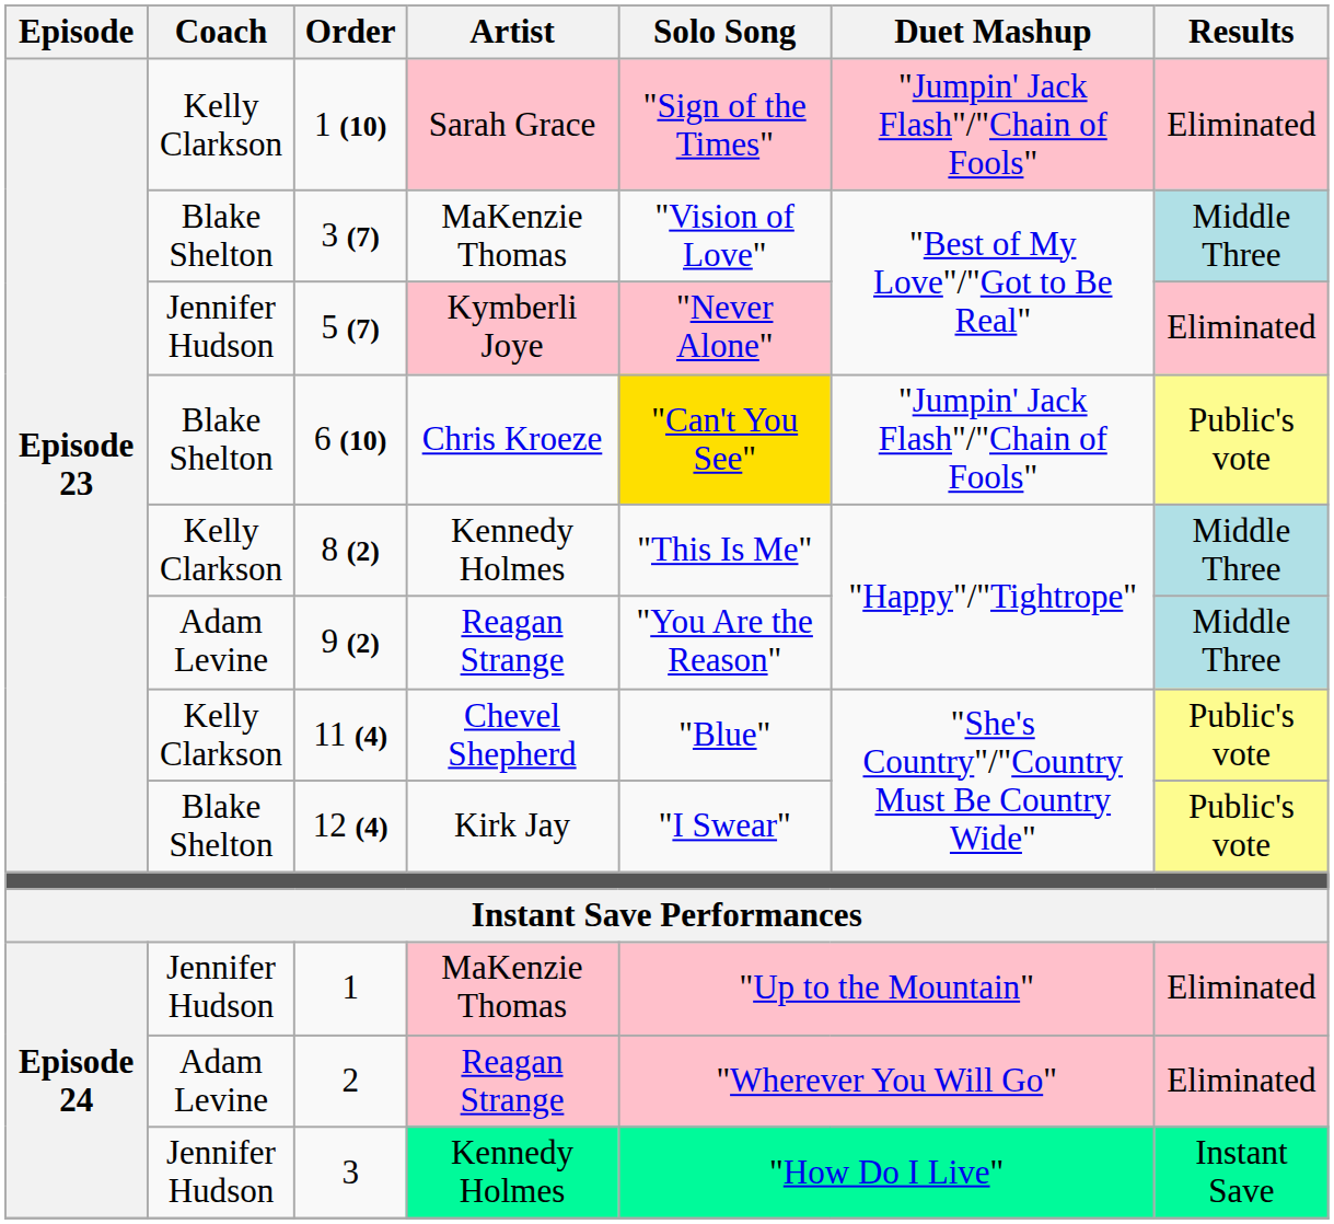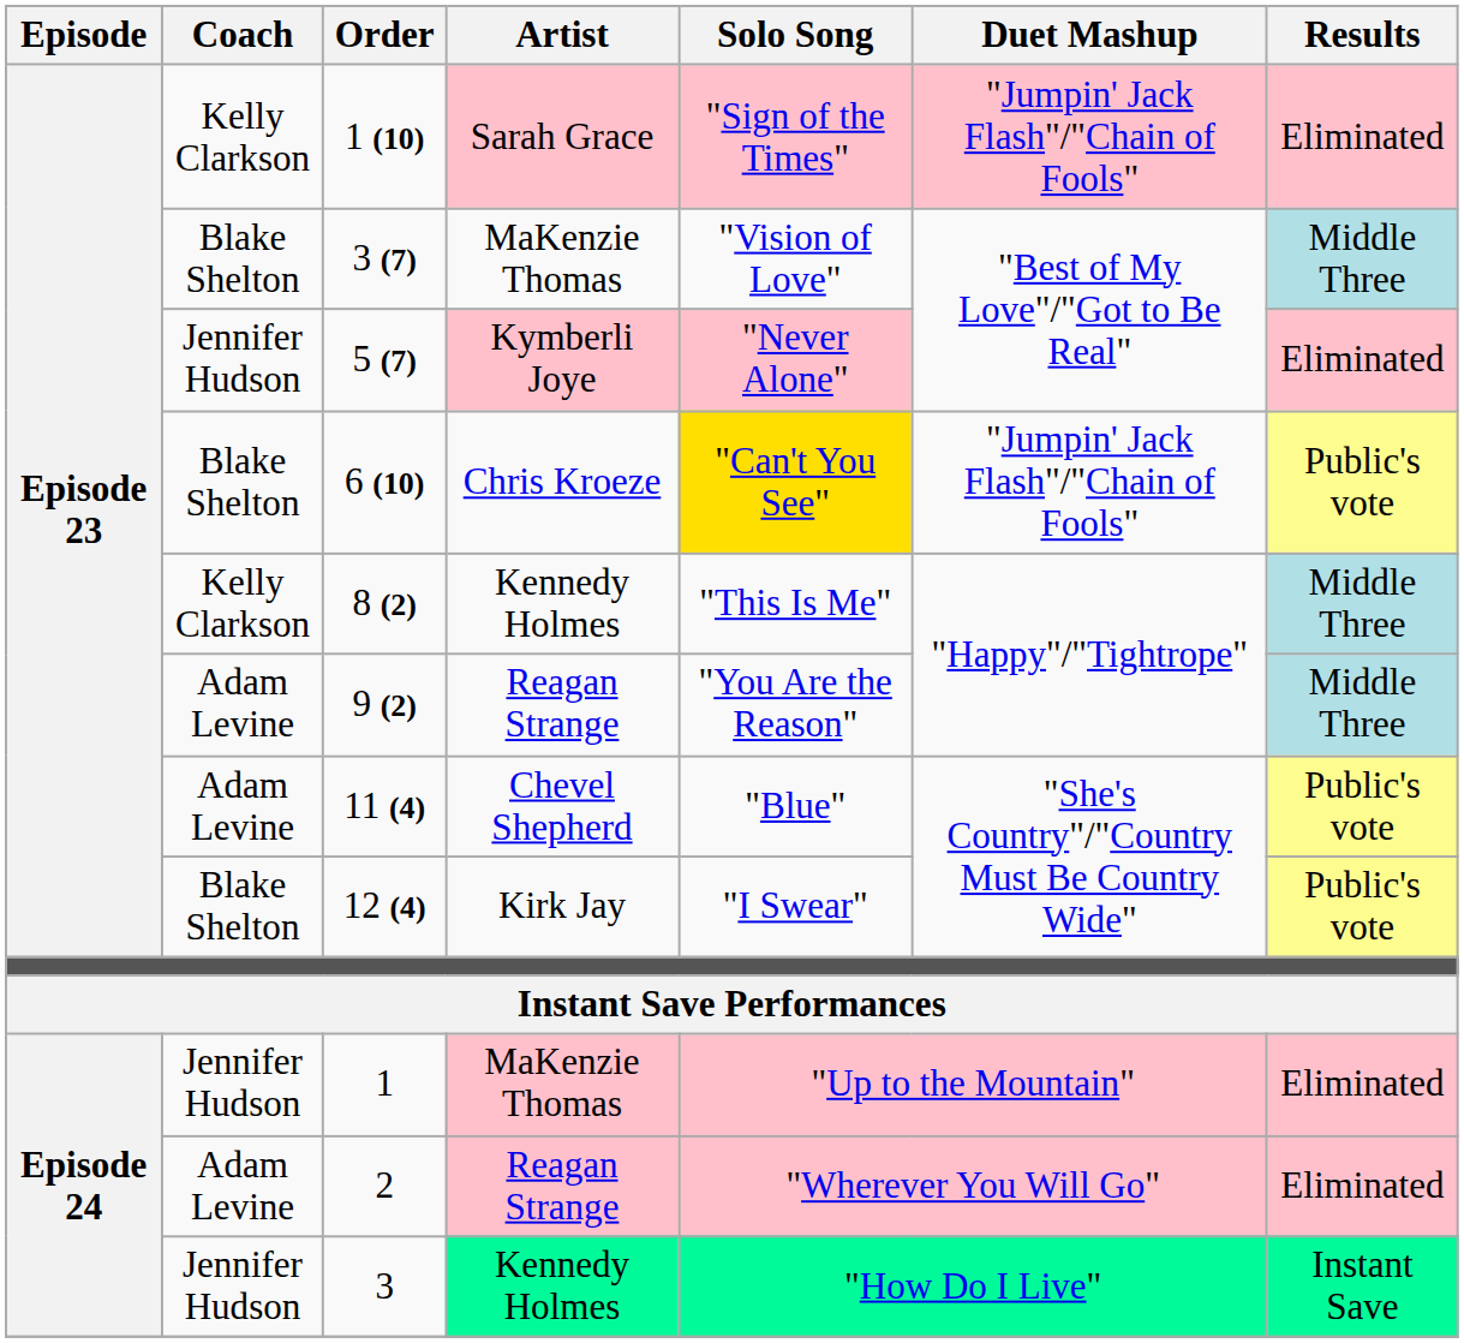 <table class="wikitable" style="text-align:center; width:100%;">
 <tr>
 <th style="width:10%;">Episode</th>
 <th style="width:10%;">Coach</th>
 <th style="width:05%;">Order</th>
 <th style="width:15%;">Artist</th>
 <th style="width:15%;">Solo Song</th>
 <th style="width:21%;">Duet Mashup</th>
 <th style="width:09%;">Results</th>
 </tr>
 <tr>
 <th rowspan="8">Episode 23<br><small></small></th>
 <td>Kelly Clarkson</td>
 <td>1 <small><strong>(10)</strong></small></td>
 <td style="background:pink;">Sarah Grace</td>
 <td style="background:pink;">"<a href='#'>Sign of the Times</a>"</td>
 <td style="background:pink;">"<a href='#'>Jumpin' Jack Flash</a>"/"<a href='#'>Chain of Fools</a>"</td>
 <td style="background:pink;">Eliminated</td>
 </tr>
 <tr>
 <td>Blake Shelton</td>
 <td>3 <small><strong>(7)</strong></small></td>
 <td>MaKenzie Thomas</td>
 <td>"<a href='#'>Vision of Love</a>"</td>
 <td rowspan="2">"<a href='#'>Best of My Love</a>"/"<a href='#'>Got to Be Real</a>"</td>
 <td style="background:#b0e0e6;">Middle Three</td>
 </tr>
 <tr>
 <td>Jennifer Hudson</td>
 <td>5 <small><strong>(7)</strong></small></td>
 <td style="background:pink;">Kymberli Joye</td>
 <td style="background:pink;">"<a href='#'>Never Alone</a>"</td>
 <td style="background:pink;">Eliminated</td>
 </tr>
 <tr>
 <td>Blake Shelton</td>
 <td>6 <small><strong>(10)</strong></small></td>
 <td><a href='#'>Chris Kroeze</a></td>
 <td style="background:#fedf00;">"<a href='#'>Can't You See</a>"</td>
 <td>"<a href='#'>Jumpin' Jack Flash</a>"/"<a href='#'>Chain of Fools</a>"</td>
 <td style="background:#fdfc8f;">Public's vote</td>
 </tr>
 <tr>
 <td>Kelly Clarkson</td>
 <td>8 <small><strong>(2)</strong></small></td>
 <td>Kennedy Holmes</td>
 <td>"<a href='#'>This Is Me</a>"</td>
 <td rowspan="2">"<a href='#'>Happy</a>"/"<a href='#'>Tightrope</a>"</td>
 <td style="background:#b0e0e6;">Middle Three</td>
 </tr>
 <tr>
 <td>Adam Levine</td>
 <td>9 <small><strong>(2)</strong></small></td>
 <td><a href='#'>Reagan Strange</a></td>
 <td>"<a href='#'>You Are the Reason</a>"</td>
 <td style="background:#b0e0e6;">Middle Three</td>
 </tr>
 <tr>
-<td>Kelly Clarkson</td>
+<td>Adam Levine</td>
 <td>11 <small><strong>(4)</strong></small></td>
 <td><a href='#'>Chevel Shepherd</a></td>
 <td>"<a href='#'>Blue</a>"</td>
 <td rowspan="2">"<a href='#'>She's Country</a>"/"<a href='#'>Country Must Be Country Wide</a>"</td>
 <td style="background:#fdfc8f;">Public's vote</td>
 </tr>
 <tr>
 <td>Blake Shelton</td>
 <td>12 <small><strong>(4)</strong></small></td>
 <td>Kirk Jay</td>
 <td>"<a href='#'>I Swear</a>"</td>
 <td style="background:#fdfc8f;">Public's vote</td>
 </tr>
 <tr>
 <td colspan="7" style="background:#555;"></td>
 </tr>
 <tr>
 <th colspan="7">Instant Save Performances</th>
 </tr>
 <tr>
 <th rowspan="3" scope="row">Episode 24<br><small></small></th>
 <td>Jennifer Hudson</td>
 <td>1</td>
 <td style="background:pink;">MaKenzie Thomas</td>
 <td style="background:pink;" colspan="2">"<a href='#'>Up to the Mountain</a>"</td>
 <td style="background:pink;">Eliminated</td>
 </tr>
 <tr>
 <td>Adam Levine</td>
 <td>2</td>
 <td style="background:pink;"><a href='#'>Reagan Strange</a></td>
 <td style="background:pink;" colspan="2">"<a href='#'>Wherever You Will Go</a>"</td>
 <td style="background:pink;">Eliminated</td>
 </tr>
 <tr>
 <td>Jennifer Hudson</td>
 <td>3</td>
 <td style="background:#00fa9a;">Kennedy Holmes</td>
 <td colspan="2" style="background:#00fa9a">"<a href='#'>How Do I Live</a>"</td>
 <td style="background:#00fa9a;">Instant Save</td>
 </tr>
 <tr>
 </tr>
 </table>
